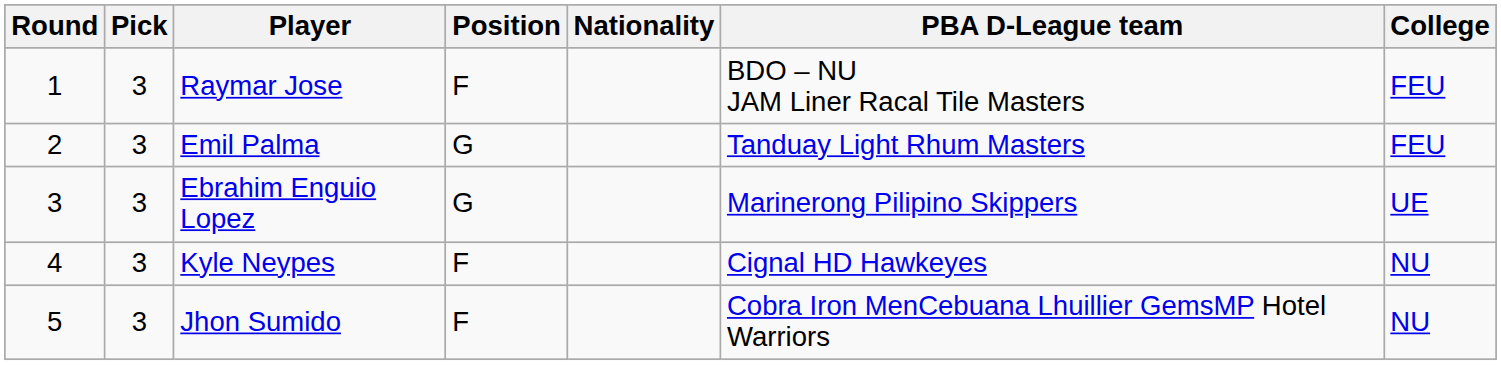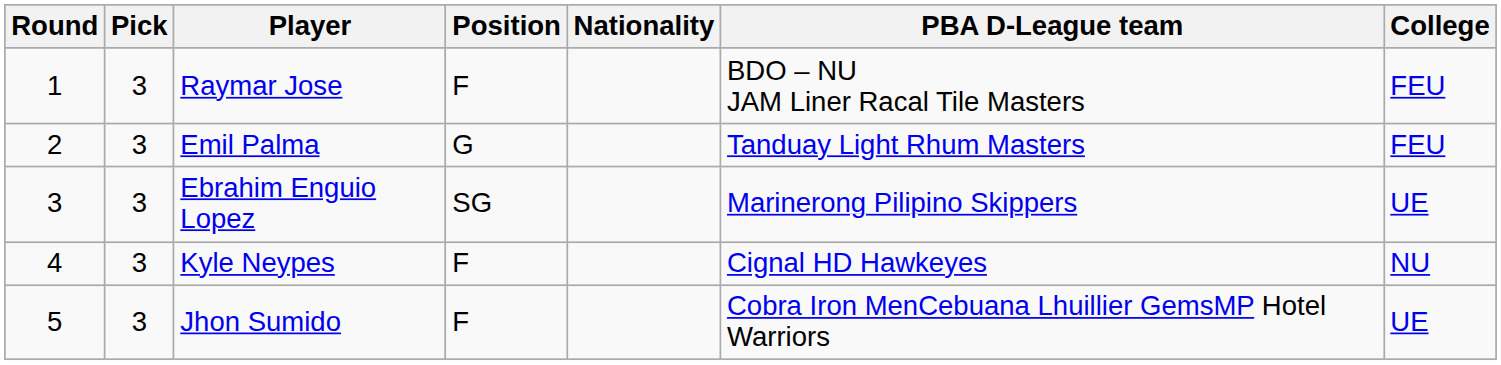 <table class="wikitable sortable sortable">
 <tr>
 <th>Round</th>
 <th>Pick</th>
 <th>Player</th>
 <th>Position</th>
 <th>Nationality</th>
 <th>PBA D-League team</th>
 <th>College</th>
 </tr>
 <tr>
 <td align=center>1</td>
 <td align=center>3</td>
 <td><a href='#'>Raymar Jose</a></td>
 <td>F</td>
 <td></td>
 <td>BDO – NU<br>JAM Liner Racal Tile Masters</td>
 <td><a href='#'>FEU</a></td>
 </tr>
 <tr>
 <td align=center>2</td>
 <td align=center>3</td>
 <td><a href='#'>Emil Palma</a></td>
 <td>G</td>
 <td></td>
 <td><a href='#'>Tanduay Light Rhum Masters</a></td>
 <td><a href='#'>FEU</a></td>
 </tr>
 <tr>
 <td align=center>3</td>
 <td align=center>3</td>
 <td><a href='#'>Ebrahim Enguio Lopez</a></td>
-<td>G</td>
+<td>SG</td>
 <td></td>
 <td><a href='#'>Marinerong Pilipino Skippers</a></td>
 <td><a href='#'>UE</a></td>
 </tr>
 <tr>
 <td align=center>4</td>
 <td align=center>3</td>
 <td><a href='#'>Kyle Neypes</a></td>
 <td>F</td>
 <td></td>
 <td><a href='#'>Cignal HD Hawkeyes</a></td>
 <td><a href='#'>NU</a></td>
 </tr>
 <tr>
 <td align=center>5</td>
 <td align=center>3</td>
 <td><a href='#'>Jhon Sumido</a></td>
 <td>F</td>
 <td></td>
 <td><a href='#'>Cobra Iron Men</a><a href='#'>Cebuana Lhuillier GemsMP</a> Hotel Warriors</td>
-<td><a href='#'>NU</a></td>
+<td><a href='#'>UE</a></td>
 </tr>
 </table>
